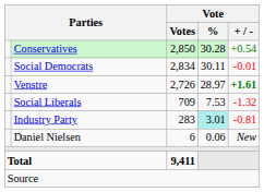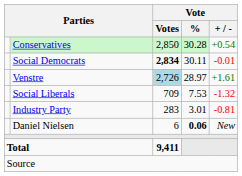 <table class="wikitable" style="text-align:right;">
 <tr>
 <th style="text-align:centre;" rowspan="2" colspan="2" width="225">Parties</th>
 <th colspan="3">Vote</th>
 </tr>
 <tr>
 <th width="15">Votes</th>
 <th width="15">%</th>
 <th width="15">+ / -</th>
 </tr>
 <tr>
 <td width="2" style="color:inherit;background:"></td>
 <td bgcolor=#ccf7cc  align="left"><a href='#'>Conservatives</a></td>
 <td bgcolor=#ccf7cc>2,850</td>
 <td bgcolor=#ccf7cc>30.28</td>
 <td style=color:green;>+0.54</td>
 </tr>
 <tr>
 <td width="2" style="color:inherit;background:"></td>
 <td align="left"><a href='#'>Social Democrats</a></td>
-<td>2,834</td>
+<td><strong>2,834</strong></td>
 <td>30.11</td>
 <td style=color:red;>-0.01</td>
 </tr>
 <tr>
 <td width="2" style="color:inherit;background:"></td>
 <td align="left"><a href='#'>Venstre</a></td>
-<td>2,726</td>
+<td style="background: lightblue;">2,726</td>
 <td>28.97</td>
-<td style=color:green;><strong>+1.61</strong></td>
+<td style=color:green;>+1.61</td>
 </tr>
 <tr>
 <td width="2" style="color:inherit;background:"></td>
 <td align="left"><a href='#'>Social Liberals</a></td>
 <td>709</td>
 <td>7.53</td>
 <td style=color:red;>-1.32</td>
 </tr>
 <tr>
 <td width="2" style="color:inherit;background:"></td>
 <td align="left"><a href='#'>Industry Party</a></td>
 <td>283</td>
-<td style="background: paleturquoise;">3.01</td>
+<td>3.01</td>
 <td style=color:red;>-0.81</td>
 </tr>
 <tr>
 <td width="2" style="color:inherit;background:"></td>
 <td align="left">Daniel Nielsen</td>
 <td>6</td>
-<td>0.06</td>
+<td><strong>0.06</strong></td>
 <td><em>New</em></td>
 </tr>
 <tr>
 <td colspan="7" bgcolor="#E9E9E9"></td>
 </tr>
 <tr>
 <td align="left" colspan="2"><strong>Total</strong></td>
 <td><strong>9,411</strong></td>
 <td bgcolor="#E9E9E9" colspan="2"></td>
 </tr>
 <tr>
 <td align="left" colspan="6">Source</td>
 </tr>
 </table>
